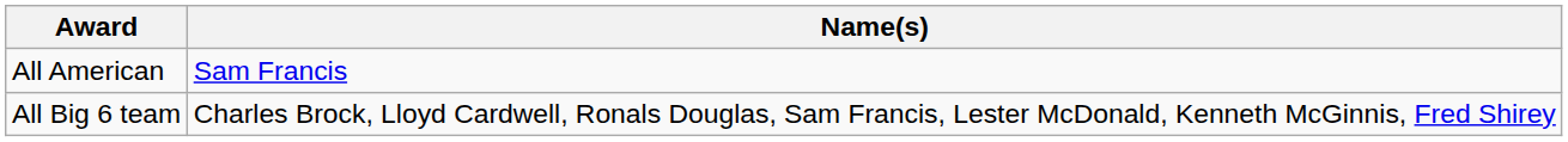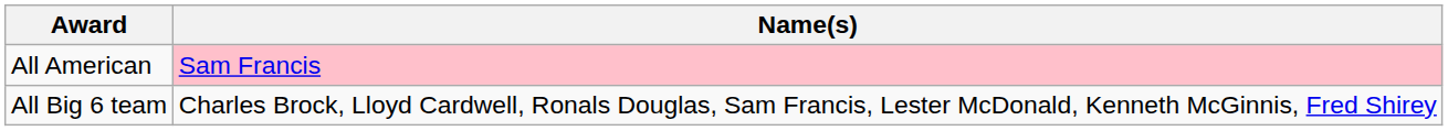 <table class="wikitable">
 <tr>
 <th>Award</th>
 <th>Name(s)</th>
 </tr>
 <tr>
 <td>All American</td>
-<td><a href='#'>Sam Francis</a></td>
+<td style="background: pink;"><a href='#'>Sam Francis</a></td>
 </tr>
 <tr>
 <td>All Big 6 team</td>
 <td>Charles Brock, Lloyd Cardwell, Ronals Douglas, Sam Francis, Lester McDonald, Kenneth McGinnis, <a href='#'>Fred Shirey</a></td>
 </tr>
 </table>
